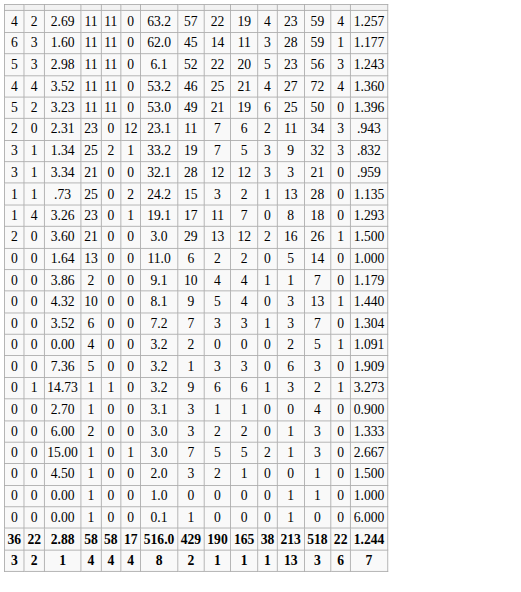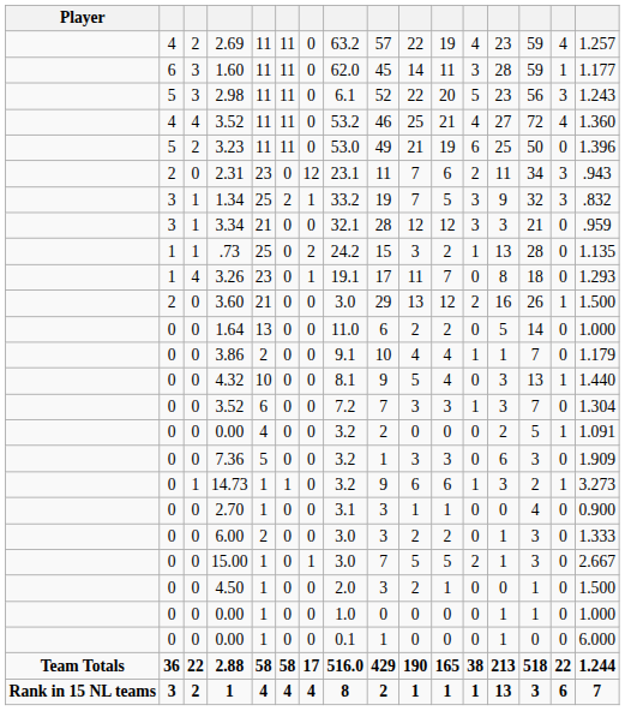 <table class="wikitable sortable">
 <tr>
+<th>Player</th>
 <th></th>
 <th></th>
 <th></th>
 <th></th>
 <th></th>
 <th></th>
 <th></th>
 <th></th>
 <th></th>
 <th></th>
 <th></th>
 <th></th>
 <th></th>
 <th></th>
 <th></th>
 </tr>
 <tr align=center>
+<td></td>
 <td>4</td>
 <td>2</td>
 <td>2.69</td>
 <td>11</td>
 <td>11</td>
 <td>0</td>
 <td>63.2</td>
 <td>57</td>
 <td>22</td>
 <td>19</td>
 <td>4</td>
 <td>23</td>
 <td>59</td>
 <td>4</td>
 <td>1.257</td>
 </tr>
 <tr align=center>
+<td></td>
 <td>6</td>
 <td>3</td>
 <td>1.60</td>
 <td>11</td>
 <td>11</td>
 <td>0</td>
 <td>62.0</td>
 <td>45</td>
 <td>14</td>
 <td>11</td>
 <td>3</td>
 <td>28</td>
 <td>59</td>
 <td>1</td>
 <td>1.177</td>
 </tr>
 <tr align=center>
+<td></td>
 <td>5</td>
 <td>3</td>
 <td>2.98</td>
 <td>11</td>
 <td>11</td>
 <td>0</td>
 <td>6.1</td>
 <td>52</td>
 <td>22</td>
 <td>20</td>
 <td>5</td>
 <td>23</td>
 <td>56</td>
 <td>3</td>
 <td>1.243</td>
 </tr>
 <tr align=center>
+<td></td>
 <td>4</td>
 <td>4</td>
 <td>3.52</td>
 <td>11</td>
 <td>11</td>
 <td>0</td>
 <td>53.2</td>
 <td>46</td>
 <td>25</td>
 <td>21</td>
 <td>4</td>
 <td>27</td>
 <td>72</td>
 <td>4</td>
 <td>1.360</td>
 </tr>
 <tr align=center>
+<td></td>
 <td>5</td>
 <td>2</td>
 <td>3.23</td>
 <td>11</td>
 <td>11</td>
 <td>0</td>
 <td>53.0</td>
 <td>49</td>
 <td>21</td>
 <td>19</td>
 <td>6</td>
 <td>25</td>
 <td>50</td>
 <td>0</td>
 <td>1.396</td>
 </tr>
 <tr align=center>
+<td></td>
 <td>2</td>
 <td>0</td>
 <td>2.31</td>
 <td>23</td>
 <td>0</td>
 <td>12</td>
 <td>23.1</td>
 <td>11</td>
 <td>7</td>
 <td>6</td>
 <td>2</td>
 <td>11</td>
 <td>34</td>
 <td>3</td>
 <td>.943</td>
 </tr>
 <tr align=center>
+<td></td>
 <td>3</td>
 <td>1</td>
 <td>1.34</td>
 <td>25</td>
 <td>2</td>
 <td>1</td>
 <td>33.2</td>
 <td>19</td>
 <td>7</td>
 <td>5</td>
 <td>3</td>
 <td>9</td>
 <td>32</td>
 <td>3</td>
 <td>.832</td>
 </tr>
 <tr align=center>
+<td></td>
 <td>3</td>
 <td>1</td>
 <td>3.34</td>
 <td>21</td>
 <td>0</td>
 <td>0</td>
 <td>32.1</td>
 <td>28</td>
 <td>12</td>
 <td>12</td>
 <td>3</td>
 <td>3</td>
 <td>21</td>
 <td>0</td>
 <td>.959</td>
 </tr>
 <tr align=center>
+<td></td>
 <td>1</td>
 <td>1</td>
 <td>.73</td>
 <td>25</td>
 <td>0</td>
 <td>2</td>
 <td>24.2</td>
 <td>15</td>
 <td>3</td>
 <td>2</td>
 <td>1</td>
 <td>13</td>
 <td>28</td>
 <td>0</td>
 <td>1.135</td>
 </tr>
 <tr align=center>
+<td></td>
 <td>1</td>
 <td>4</td>
 <td>3.26</td>
 <td>23</td>
 <td>0</td>
 <td>1</td>
 <td>19.1</td>
 <td>17</td>
 <td>11</td>
 <td>7</td>
 <td>0</td>
 <td>8</td>
 <td>18</td>
 <td>0</td>
 <td>1.293</td>
 </tr>
 <tr align=center>
+<td></td>
 <td>2</td>
 <td>0</td>
 <td>3.60</td>
 <td>21</td>
 <td>0</td>
 <td>0</td>
 <td>3.0</td>
 <td>29</td>
 <td>13</td>
 <td>12</td>
 <td>2</td>
 <td>16</td>
 <td>26</td>
 <td>1</td>
 <td>1.500</td>
 </tr>
 <tr align=center>
+<td></td>
 <td>0</td>
 <td>0</td>
 <td>1.64</td>
 <td>13</td>
 <td>0</td>
 <td>0</td>
 <td>11.0</td>
 <td>6</td>
 <td>2</td>
 <td>2</td>
 <td>0</td>
 <td>5</td>
 <td>14</td>
 <td>0</td>
 <td>1.000</td>
 </tr>
 <tr align=center>
+<td></td>
 <td>0</td>
 <td>0</td>
 <td>3.86</td>
 <td>2</td>
 <td>0</td>
 <td>0</td>
 <td>9.1</td>
 <td>10</td>
 <td>4</td>
 <td>4</td>
 <td>1</td>
 <td>1</td>
 <td>7</td>
 <td>0</td>
 <td>1.179</td>
 </tr>
 <tr align=center>
+<td></td>
 <td>0</td>
 <td>0</td>
 <td>4.32</td>
 <td>10</td>
 <td>0</td>
 <td>0</td>
 <td>8.1</td>
 <td>9</td>
 <td>5</td>
 <td>4</td>
 <td>0</td>
 <td>3</td>
 <td>13</td>
 <td>1</td>
 <td>1.440</td>
 </tr>
 <tr align=center>
+<td></td>
 <td>0</td>
 <td>0</td>
 <td>3.52</td>
 <td>6</td>
 <td>0</td>
 <td>0</td>
 <td>7.2</td>
 <td>7</td>
 <td>3</td>
 <td>3</td>
 <td>1</td>
 <td>3</td>
 <td>7</td>
 <td>0</td>
 <td>1.304</td>
 </tr>
 <tr align=center>
+<td></td>
 <td>0</td>
 <td>0</td>
 <td>0.00</td>
 <td>4</td>
 <td>0</td>
 <td>0</td>
 <td>3.2</td>
 <td>2</td>
 <td>0</td>
 <td>0</td>
 <td>0</td>
 <td>2</td>
 <td>5</td>
 <td>1</td>
 <td>1.091</td>
 </tr>
 <tr align=center>
+<td></td>
 <td>0</td>
 <td>0</td>
 <td>7.36</td>
 <td>5</td>
 <td>0</td>
 <td>0</td>
 <td>3.2</td>
 <td>1</td>
 <td>3</td>
 <td>3</td>
 <td>0</td>
 <td>6</td>
 <td>3</td>
 <td>0</td>
 <td>1.909</td>
 </tr>
 <tr align=center>
+<td></td>
 <td>0</td>
 <td>1</td>
 <td>14.73</td>
 <td>1</td>
 <td>1</td>
 <td>0</td>
 <td>3.2</td>
 <td>9</td>
 <td>6</td>
 <td>6</td>
 <td>1</td>
 <td>3</td>
 <td>2</td>
 <td>1</td>
 <td>3.273</td>
 </tr>
 <tr align=center>
+<td></td>
 <td>0</td>
 <td>0</td>
 <td>2.70</td>
 <td>1</td>
 <td>0</td>
 <td>0</td>
 <td>3.1</td>
 <td>3</td>
 <td>1</td>
 <td>1</td>
 <td>0</td>
 <td>0</td>
 <td>4</td>
 <td>0</td>
 <td>0.900</td>
 </tr>
 <tr align=center>
+<td></td>
 <td>0</td>
 <td>0</td>
 <td>6.00</td>
 <td>2</td>
 <td>0</td>
 <td>0</td>
 <td>3.0</td>
 <td>3</td>
 <td>2</td>
 <td>2</td>
 <td>0</td>
 <td>1</td>
 <td>3</td>
 <td>0</td>
 <td>1.333</td>
 </tr>
 <tr align=center>
+<td></td>
 <td>0</td>
 <td>0</td>
 <td>15.00</td>
 <td>1</td>
 <td>0</td>
 <td>1</td>
 <td>3.0</td>
 <td>7</td>
 <td>5</td>
 <td>5</td>
 <td>2</td>
 <td>1</td>
 <td>3</td>
 <td>0</td>
 <td>2.667</td>
 </tr>
 <tr align=center>
+<td></td>
 <td>0</td>
 <td>0</td>
 <td>4.50</td>
 <td>1</td>
 <td>0</td>
 <td>0</td>
 <td>2.0</td>
 <td>3</td>
 <td>2</td>
 <td>1</td>
 <td>0</td>
 <td>0</td>
 <td>1</td>
 <td>0</td>
 <td>1.500</td>
 </tr>
 <tr align=center>
+<td></td>
 <td>0</td>
 <td>0</td>
 <td>0.00</td>
 <td>1</td>
 <td>0</td>
 <td>0</td>
 <td>1.0</td>
 <td>0</td>
 <td>0</td>
 <td>0</td>
 <td>0</td>
 <td>1</td>
 <td>1</td>
 <td>0</td>
 <td>1.000</td>
 </tr>
 <tr align=center>
+<td></td>
 <td>0</td>
 <td>0</td>
 <td>0.00</td>
 <td>1</td>
 <td>0</td>
 <td>0</td>
 <td>0.1</td>
 <td>1</td>
 <td>0</td>
 <td>0</td>
 <td>0</td>
 <td>1</td>
 <td>0</td>
 <td>0</td>
 <td>6.000</td>
 </tr>
 <tr align=center>
+<td><strong>Team Totals</strong></td>
 <td><strong>36</strong></td>
 <td><strong>22</strong></td>
 <td><strong>2.88</strong></td>
 <td><strong>58</strong></td>
 <td><strong>58</strong></td>
 <td><strong>17</strong></td>
 <td><strong>516.0</strong></td>
 <td><strong>429</strong></td>
 <td><strong>190</strong></td>
 <td><strong>165</strong></td>
 <td><strong>38</strong></td>
 <td><strong>213</strong></td>
 <td><strong>518</strong></td>
 <td><strong>22</strong></td>
 <td><strong>1.244</strong></td>
 </tr>
 <tr align=center>
+<td><strong>Rank in 15 NL teams</strong></td>
 <td><strong>3</strong></td>
 <td><strong>2</strong></td>
 <td><strong>1</strong></td>
 <td><strong>4</strong></td>
 <td><strong>4</strong></td>
 <td><strong>4</strong></td>
 <td><strong>8</strong></td>
 <td><strong>2</strong></td>
 <td><strong>1</strong></td>
 <td><strong>1</strong></td>
 <td><strong>1</strong></td>
 <td><strong>13</strong></td>
 <td><strong>3</strong></td>
 <td><strong>6</strong></td>
 <td><strong>7</strong></td>
 </tr>
 </table>
